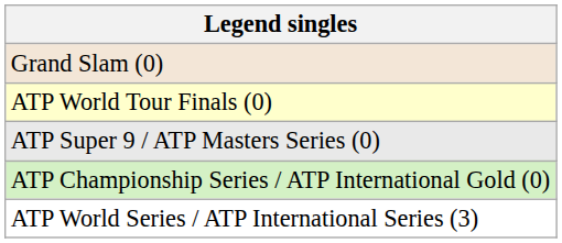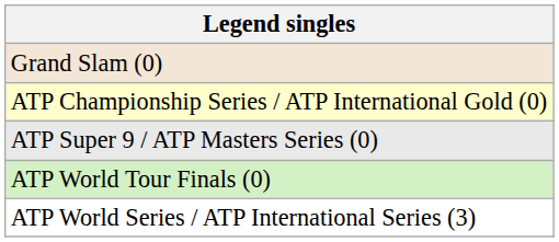 <table class="wikitable">
 <tr>
 <th>Legend singles</th>
 </tr>
 <tr style="background:#f3e6d7;">
 <td>Grand Slam (0)</td>
 </tr>
 <tr style="background:#ffffcc;">
-<td>ATP World Tour Finals (0)</td>
+<td>ATP Championship Series / ATP International Gold (0)</td>
 </tr>
 <tr style="background:#e9e9e9;">
 <td>ATP Super 9 / ATP Masters Series (0)</td>
 </tr>
 <tr style="background:#d4f1c5;">
-<td>ATP Championship Series / ATP International Gold (0)</td>
+<td>ATP World Tour Finals (0)</td>
 </tr>
 <tr style="background:#fff;">
 <td>ATP World Series / ATP International Series (3)</td>
 </tr>
 </table>
